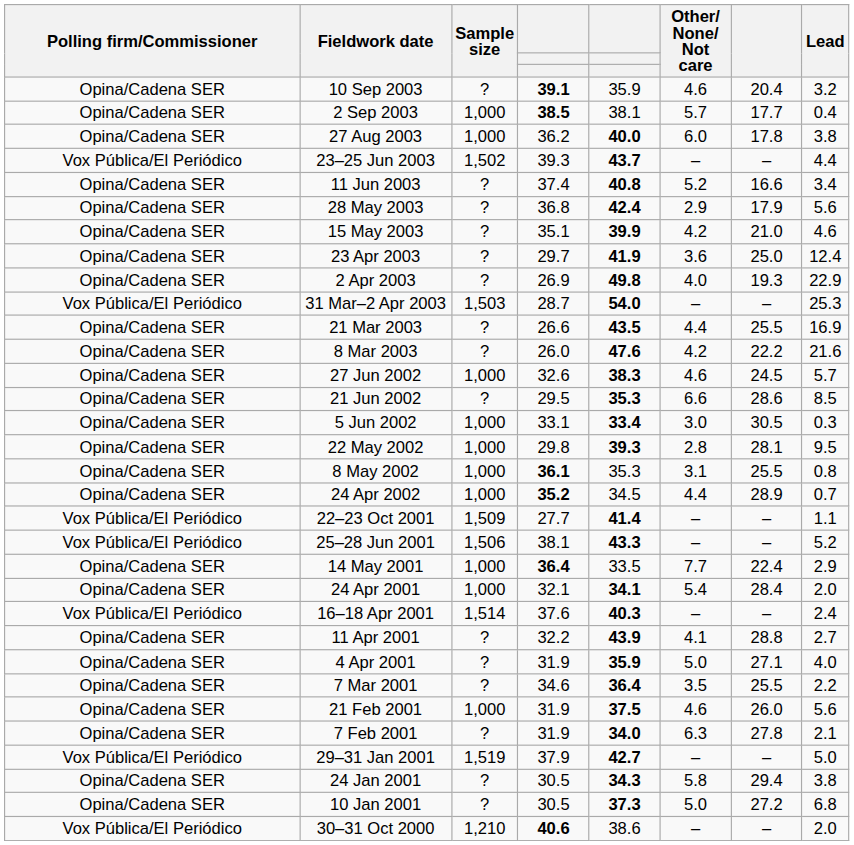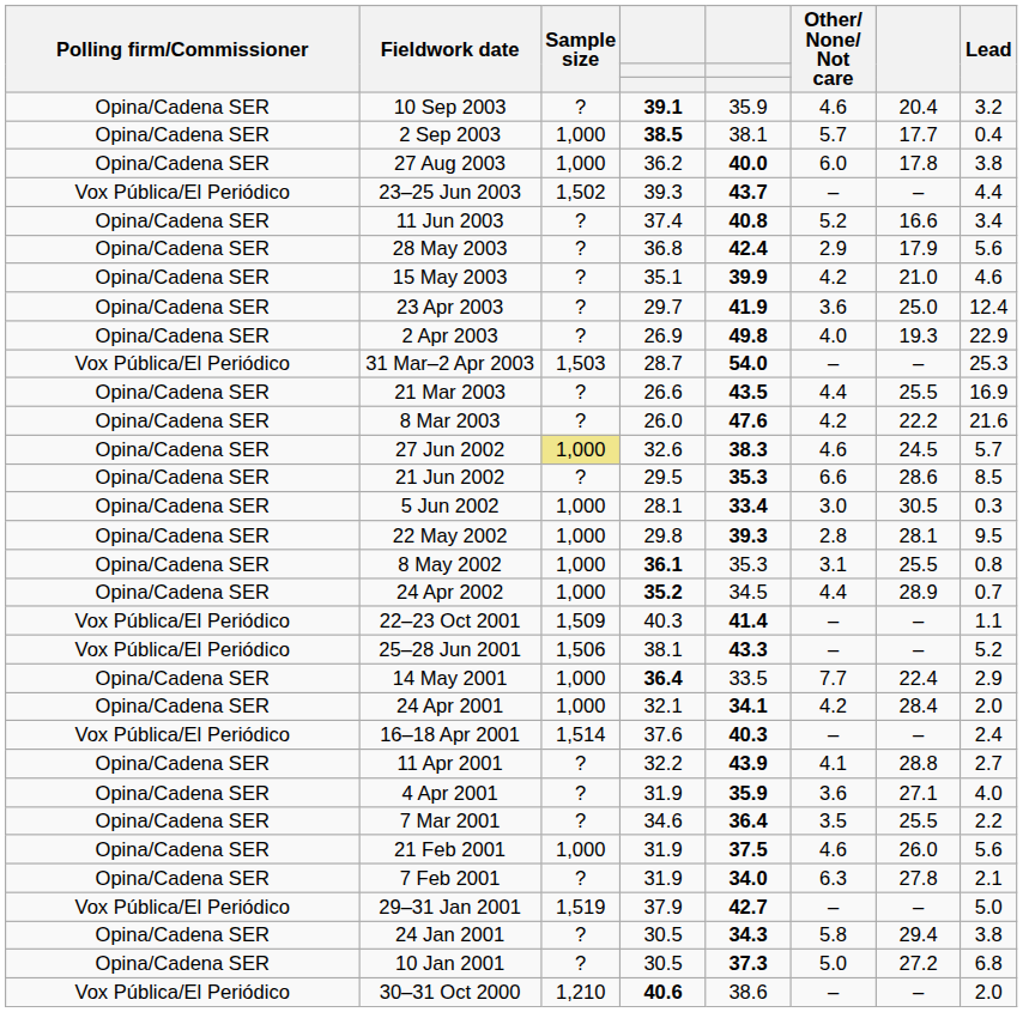 <table class="wikitable collapsible collapsed" style="text-align:center; font-size:90%; line-height:14px;">
 <tr style="height:42px;">
 <th style="width:250px;" rowspan="3">Polling firm/Commissioner</th>
 <th style="width:125px;" rowspan="3">Fieldwork date</th>
 <th style="width:50px;" rowspan="3">Sample size</th>
 <th style="width:55px;"></th>
 <th style="width:55px;"></th>
 <th style="width:55px;" rowspan="3">Other/<br>None/<br>Not<br>care</th>
 <th style="width:55px;" rowspan="3"></th>
 <th style="width:30px;" rowspan="3">Lead</th>
 </tr>
 <tr>
 <th style="color:inherit;background:"></th>
 <th style="color:inherit;background:"></th>
 </tr>
 <tr>
 <th></th>
 <th></th>
 </tr>
 <tr>
 <td>Opina/Cadena SER</td>
 <td>10 Sep 2003</td>
 <td>?</td>
 <td><strong>39.1</strong></td>
 <td>35.9</td>
 <td>4.6</td>
 <td>20.4</td>
 <td style="background:">3.2</td>
 </tr>
 <tr>
 <td>Opina/Cadena SER</td>
 <td>2 Sep 2003</td>
 <td>1,000</td>
 <td><strong>38.5</strong></td>
 <td>38.1</td>
 <td>5.7</td>
 <td>17.7</td>
 <td style="background:">0.4</td>
 </tr>
 <tr>
 <td>Opina/Cadena SER</td>
 <td>27 Aug 2003</td>
 <td>1,000</td>
 <td>36.2</td>
 <td><strong>40.0</strong></td>
 <td>6.0</td>
 <td>17.8</td>
 <td style="background:">3.8</td>
 </tr>
 <tr>
 <td>Vox Pública/El Periódico</td>
 <td>23–25 Jun 2003</td>
 <td>1,502</td>
 <td>39.3</td>
 <td><strong>43.7</strong></td>
 <td>–</td>
 <td>–</td>
 <td style="background:">4.4</td>
 </tr>
 <tr>
 <td>Opina/Cadena SER</td>
 <td>11 Jun 2003</td>
 <td>?</td>
 <td>37.4</td>
 <td><strong>40.8</strong></td>
 <td>5.2</td>
 <td>16.6</td>
 <td style="background:">3.4</td>
 </tr>
 <tr>
 <td>Opina/Cadena SER</td>
 <td>28 May 2003</td>
 <td>?</td>
 <td>36.8</td>
 <td><strong>42.4</strong></td>
 <td>2.9</td>
 <td>17.9</td>
 <td style="background:">5.6</td>
 </tr>
 <tr>
 <td>Opina/Cadena SER</td>
 <td>15 May 2003</td>
 <td>?</td>
 <td>35.1</td>
 <td><strong>39.9</strong></td>
 <td>4.2</td>
 <td>21.0</td>
 <td style="background:">4.6</td>
 </tr>
 <tr>
 <td>Opina/Cadena SER</td>
 <td>23 Apr 2003</td>
 <td>?</td>
 <td>29.7</td>
 <td><strong>41.9</strong></td>
 <td>3.6</td>
 <td>25.0</td>
 <td style="background:">12.4</td>
 </tr>
 <tr>
 <td>Opina/Cadena SER</td>
 <td>2 Apr 2003</td>
 <td>?</td>
 <td>26.9</td>
 <td><strong>49.8</strong></td>
 <td>4.0</td>
 <td>19.3</td>
 <td style="background:">22.9</td>
 </tr>
 <tr>
 <td>Vox Pública/El Periódico</td>
 <td>31 Mar–2 Apr 2003</td>
 <td>1,503</td>
 <td>28.7</td>
 <td><strong>54.0</strong></td>
 <td>–</td>
 <td>–</td>
 <td style="background:">25.3</td>
 </tr>
 <tr>
 <td>Opina/Cadena SER</td>
 <td>21 Mar 2003</td>
 <td>?</td>
 <td>26.6</td>
 <td><strong>43.5</strong></td>
 <td>4.4</td>
 <td>25.5</td>
 <td style="background:">16.9</td>
 </tr>
 <tr>
 <td>Opina/Cadena SER</td>
 <td>8 Mar 2003</td>
 <td>?</td>
 <td>26.0</td>
 <td><strong>47.6</strong></td>
 <td>4.2</td>
 <td>22.2</td>
 <td style="background:">21.6</td>
 </tr>
 <tr>
 <td>Opina/Cadena SER</td>
 <td>27 Jun 2002</td>
-<td>1,000</td>
+<td style="background: khaki;">1,000</td>
 <td>32.6</td>
 <td><strong>38.3</strong></td>
 <td>4.6</td>
 <td>24.5</td>
 <td style="background:">5.7</td>
 </tr>
 <tr>
 <td>Opina/Cadena SER</td>
 <td>21 Jun 2002</td>
 <td>?</td>
 <td>29.5</td>
 <td><strong>35.3</strong></td>
 <td>6.6</td>
 <td>28.6</td>
 <td style="background:">8.5</td>
 </tr>
 <tr>
 <td>Opina/Cadena SER</td>
 <td>5 Jun 2002</td>
 <td>1,000</td>
-<td>33.1</td>
+<td>28.1</td>
 <td><strong>33.4</strong></td>
 <td>3.0</td>
 <td>30.5</td>
 <td style="background:">0.3</td>
 </tr>
 <tr>
 <td>Opina/Cadena SER</td>
 <td>22 May 2002</td>
 <td>1,000</td>
 <td>29.8</td>
 <td><strong>39.3</strong></td>
 <td>2.8</td>
 <td>28.1</td>
 <td style="background:">9.5</td>
 </tr>
 <tr>
 <td>Opina/Cadena SER</td>
 <td>8 May 2002</td>
 <td>1,000</td>
 <td><strong>36.1</strong></td>
 <td>35.3</td>
 <td>3.1</td>
 <td>25.5</td>
 <td style="background:">0.8</td>
 </tr>
 <tr>
 <td>Opina/Cadena SER</td>
 <td>24 Apr 2002</td>
 <td>1,000</td>
 <td><strong>35.2</strong></td>
 <td>34.5</td>
 <td>4.4</td>
 <td>28.9</td>
 <td style="background:">0.7</td>
 </tr>
 <tr>
 <td>Vox Pública/El Periódico</td>
 <td>22–23 Oct 2001</td>
 <td>1,509</td>
-<td>27.7</td>
+<td>40.3</td>
 <td><strong>41.4</strong></td>
 <td>–</td>
 <td>–</td>
 <td style="background:">1.1</td>
 </tr>
 <tr>
 <td>Vox Pública/El Periódico</td>
 <td>25–28 Jun 2001</td>
 <td>1,506</td>
 <td>38.1</td>
 <td><strong>43.3</strong></td>
 <td>–</td>
 <td>–</td>
 <td style="background:">5.2</td>
 </tr>
 <tr>
 <td>Opina/Cadena SER</td>
 <td>14 May 2001</td>
 <td>1,000</td>
 <td><strong>36.4</strong></td>
 <td>33.5</td>
 <td>7.7</td>
 <td>22.4</td>
 <td style="background:">2.9</td>
 </tr>
 <tr>
 <td>Opina/Cadena SER</td>
 <td>24 Apr 2001</td>
 <td>1,000</td>
 <td>32.1</td>
 <td><strong>34.1</strong></td>
-<td>5.4</td>
+<td>4.2</td>
 <td>28.4</td>
 <td style="background:">2.0</td>
 </tr>
 <tr>
 <td>Vox Pública/El Periódico</td>
 <td>16–18 Apr 2001</td>
 <td>1,514</td>
 <td>37.6</td>
 <td><strong>40.3</strong></td>
 <td>–</td>
 <td>–</td>
 <td style="background:">2.4</td>
 </tr>
 <tr>
 <td>Opina/Cadena SER</td>
 <td>11 Apr 2001</td>
 <td>?</td>
 <td>32.2</td>
 <td><strong>43.9</strong></td>
 <td>4.1</td>
 <td>28.8</td>
 <td style="background:">2.7</td>
 </tr>
 <tr>
 <td>Opina/Cadena SER</td>
 <td>4 Apr 2001</td>
 <td>?</td>
 <td>31.9</td>
 <td><strong>35.9</strong></td>
-<td>5.0</td>
+<td>3.6</td>
 <td>27.1</td>
 <td style="background:">4.0</td>
 </tr>
 <tr>
 <td>Opina/Cadena SER</td>
 <td>7 Mar 2001</td>
 <td>?</td>
 <td>34.6</td>
 <td><strong>36.4</strong></td>
 <td>3.5</td>
 <td>25.5</td>
 <td style="background:">2.2</td>
 </tr>
 <tr>
 <td>Opina/Cadena SER</td>
 <td>21 Feb 2001</td>
 <td>1,000</td>
 <td>31.9</td>
 <td><strong>37.5</strong></td>
 <td>4.6</td>
 <td>26.0</td>
 <td style="background:">5.6</td>
 </tr>
 <tr>
 <td>Opina/Cadena SER</td>
 <td>7 Feb 2001</td>
 <td>?</td>
 <td>31.9</td>
 <td><strong>34.0</strong></td>
 <td>6.3</td>
 <td>27.8</td>
 <td style="background:">2.1</td>
 </tr>
 <tr>
 <td>Vox Pública/El Periódico</td>
 <td>29–31 Jan 2001</td>
 <td>1,519</td>
 <td>37.9</td>
 <td><strong>42.7</strong></td>
 <td>–</td>
 <td>–</td>
 <td style="background:">5.0</td>
 </tr>
 <tr>
 <td>Opina/Cadena SER</td>
 <td>24 Jan 2001</td>
 <td>?</td>
 <td>30.5</td>
 <td><strong>34.3</strong></td>
 <td>5.8</td>
 <td>29.4</td>
 <td style="background:">3.8</td>
 </tr>
 <tr>
 <td>Opina/Cadena SER</td>
 <td>10 Jan 2001</td>
 <td>?</td>
 <td>30.5</td>
 <td><strong>37.3</strong></td>
 <td>5.0</td>
 <td>27.2</td>
 <td style="background:">6.8</td>
 </tr>
 <tr>
 <td>Vox Pública/El Periódico</td>
 <td>30–31 Oct 2000</td>
 <td>1,210</td>
 <td><strong>40.6</strong></td>
 <td>38.6</td>
 <td>–</td>
 <td>–</td>
 <td style="background:">2.0</td>
 </tr>
 </table>
